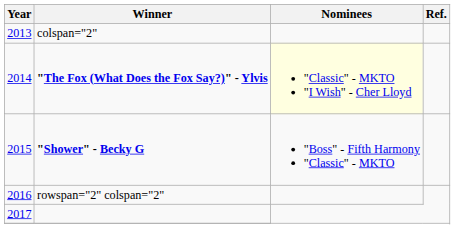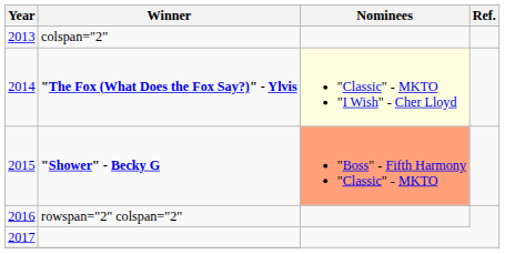 <table class="wikitable">
 <tr>
 <th>Year</th>
 <th>Winner</th>
 <th>Nominees</th>
 <th>Ref.</th>
 </tr>
 <tr>
 <td align="center"><a href='#'>2013</a></td>
 <td>colspan="2" </td>
 <td align="center"></td>
 </tr>
 <tr>
 <td align="center"><a href='#'>2014</a></td>
 <td><strong>"<a href='#'>The Fox (What Does the Fox Say?)</a>" - <a href='#'>Ylvis</a></strong></td>
 <td style="background: lightyellow;"><br><ul><li>"<a href='#'>Classic</a>" - <a href='#'>MKTO</a></li><li>"<a href='#'>I Wish</a>" - <a href='#'>Cher Lloyd</a></li></ul></td>
 <td align="center"></td>
 </tr>
 <tr>
 <td align="center"><a href='#'>2015</a></td>
 <td><strong>"<a href='#'>Shower</a>" - <a href='#'>Becky G</a></strong></td>
-<td><br><ul><li>"<a href='#'>Boss</a>" - <a href='#'>Fifth Harmony</a></li><li>"<a href='#'>Classic</a>" - <a href='#'>MKTO</a></li></ul></td>
+<td style="background: lightsalmon;"><br><ul><li>"<a href='#'>Boss</a>" - <a href='#'>Fifth Harmony</a></li><li>"<a href='#'>Classic</a>" - <a href='#'>MKTO</a></li></ul></td>
 <td align="center"></td>
 </tr>
 <tr>
 <td align="center"><a href='#'>2016</a></td>
 <td>rowspan="2" colspan="2" </td>
 <td align="center"></td>
 </tr>
 <tr>
 <td align="center"><a href='#'>2017</a></td>
 <td></td>
 </tr>
 <tr>
 </tr>
 </table>
